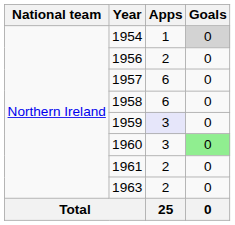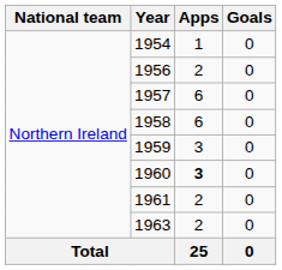 <table class="wikitable" style="text-align:center">
 <tr>
 <th>National team</th>
 <th>Year</th>
 <th>Apps</th>
 <th>Goals</th>
 </tr>
 <tr>
 <td rowspan="8"><a href='#'>Northern Ireland</a></td>
 <td>1954</td>
 <td>1</td>
-<td style="background: lightgrey;">0</td>
+<td>0</td>
 </tr>
 <tr>
 <td>1956</td>
 <td>2</td>
 <td>0</td>
 </tr>
 <tr>
 <td>1957</td>
 <td>6</td>
 <td>0</td>
 </tr>
 <tr>
 <td>1958</td>
 <td>6</td>
 <td>0</td>
 </tr>
 <tr>
 <td>1959</td>
-<td style="background: lavender;">3</td>
+<td>3</td>
 <td>0</td>
 </tr>
 <tr>
 <td>1960</td>
-<td>3</td>
-<td style="background: lightgreen;">0</td>
+<td><strong>3</strong></td>
+<td>0</td>
 </tr>
 <tr>
 <td>1961</td>
 <td>2</td>
 <td>0</td>
 </tr>
 <tr>
 <td>1963</td>
 <td>2</td>
 <td>0</td>
 </tr>
 <tr>
 <th colspan="2">Total</th>
 <th>25</th>
 <th>0</th>
 </tr>
 </table>
